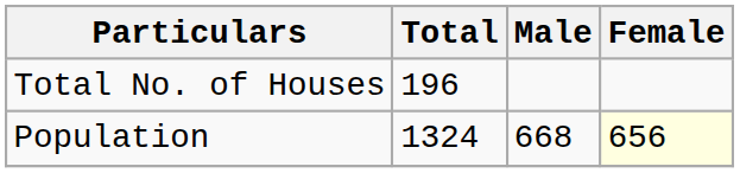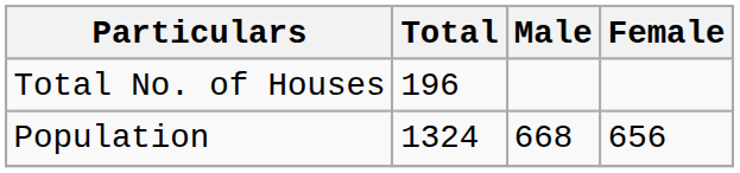 <table class="wikitable sortable">
 <tr>
 <th>Particulars</th>
 <th>Total</th>
 <th>Male</th>
 <th>Female</th>
 </tr>
 <tr>
 <td>Total No. of Houses</td>
 <td>196</td>
 <td></td>
 <td></td>
 </tr>
 <tr>
 <td>Population</td>
 <td>1324</td>
 <td>668</td>
-<td style="background: lightyellow;">656</td>
+<td>656</td>
 </tr>
 <tr>
 </tr>
 </table>
